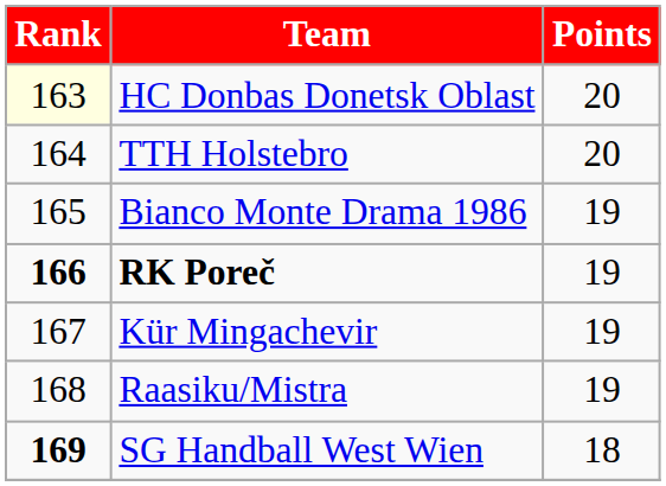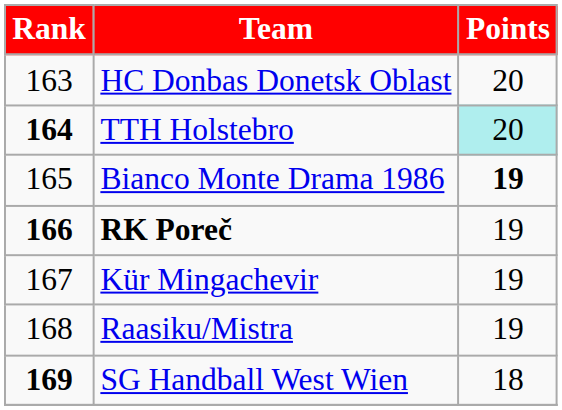 <table class="wikitable" style="text-align: center">
 <tr>
 <th style="color:#FFFFFF; background:#FF0000">Rank</th>
 <th style="color:#FFFFFF; background:#FF0000">Team</th>
 <th style="color:#FFFFFF; background:#FF0000">Points</th>
 </tr>
 <tr>
-<td style="background: lightyellow;">163</td>
+<td>163</td>
 <td align=left> <a href='#'>HC Donbas Donetsk Oblast</a></td>
 <td>20</td>
 </tr>
 <tr>
-<td>164</td>
+<td><strong>164</strong></td>
 <td align=left> <a href='#'>TTH Holstebro</a></td>
-<td>20</td>
+<td style="background: paleturquoise;">20</td>
 </tr>
 <tr>
 <td>165</td>
 <td align=left> <a href='#'>Bianco Monte Drama 1986</a></td>
-<td>19</td>
+<td><strong>19</strong></td>
 </tr>
 <tr>
 <td><strong>166</strong></td>
 <td align=left> <strong>RK Poreč</strong></td>
 <td>19</td>
 </tr>
 <tr>
 <td>167</td>
 <td align=left> <a href='#'>Kür Mingachevir</a></td>
 <td>19</td>
 </tr>
 <tr>
 <td>168</td>
 <td align=left> <a href='#'>Raasiku/Mistra</a></td>
 <td>19</td>
 </tr>
 <tr>
 <td><strong>169</strong></td>
 <td align=left> <a href='#'>SG Handball West Wien</a></td>
 <td>18</td>
 </tr>
 <tr>
 </tr>
 </table>
